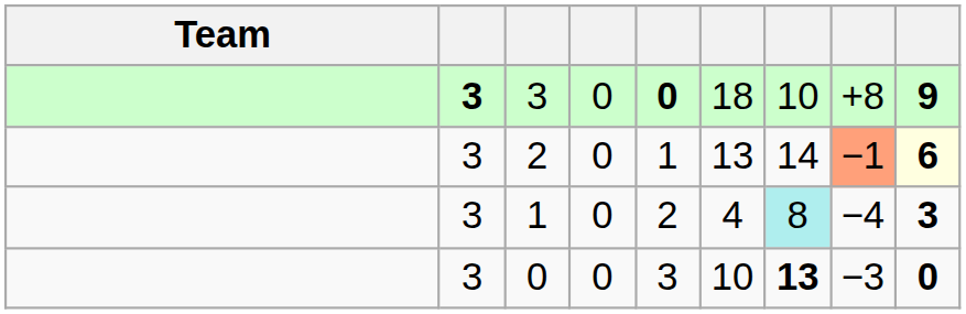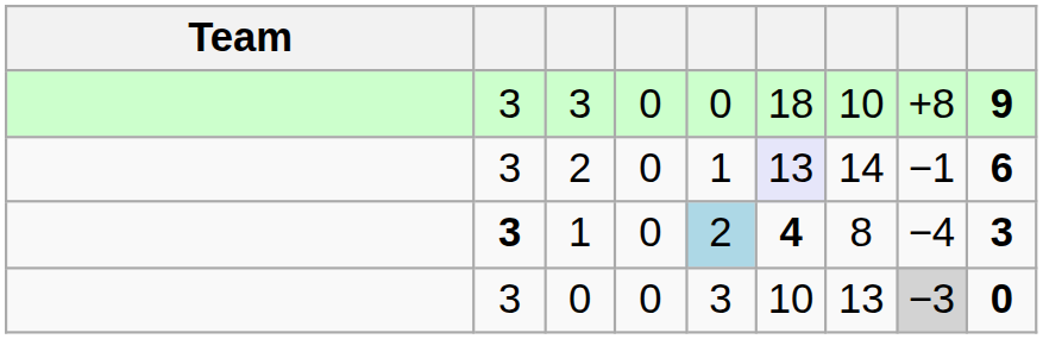 <table class="wikitable" style="text-align: center;">
 <tr>
 <th width="175">Team</th>
 <th width="20"></th>
 <th width="20"></th>
 <th width="20"></th>
 <th width="20"></th>
 <th width="20"></th>
 <th width="20"></th>
 <th width="20"></th>
 <th width="20"></th>
 </tr>
 <tr bgcolor="#ccffcc">
 <td align=left></td>
-<td><strong>3</strong></td>
+<td>3</td>
 <td>3</td>
 <td>0</td>
-<td><strong>0</strong></td>
+<td>0</td>
 <td>18</td>
 <td>10</td>
 <td>+8</td>
 <td><strong>9</strong></td>
 </tr>
 <tr>
 <td align=left></td>
 <td>3</td>
 <td>2</td>
 <td>0</td>
 <td>1</td>
-<td>13</td>
+<td style="background: lavender;">13</td>
 <td>14</td>
-<td style="background: lightsalmon;">−1</td>
-<td style="background: lightyellow;"><strong>6</strong></td>
+<td>−1</td>
+<td><strong>6</strong></td>
 </tr>
 <tr>
 <td align=left></td>
-<td>3</td>
+<td><strong>3</strong></td>
 <td>1</td>
 <td>0</td>
-<td>2</td>
-<td>4</td>
-<td style="background: paleturquoise;">8</td>
+<td style="background: lightblue;">2</td>
+<td><strong>4</strong></td>
+<td>8</td>
 <td>−4</td>
 <td><strong>3</strong></td>
 </tr>
 <tr>
 <td align=left></td>
 <td>3</td>
 <td>0</td>
 <td>0</td>
 <td>3</td>
 <td>10</td>
-<td><strong>13</strong></td>
-<td>−3</td>
+<td>13</td>
+<td style="background: lightgrey;">−3</td>
 <td><strong>0</strong></td>
 </tr>
 </table>
